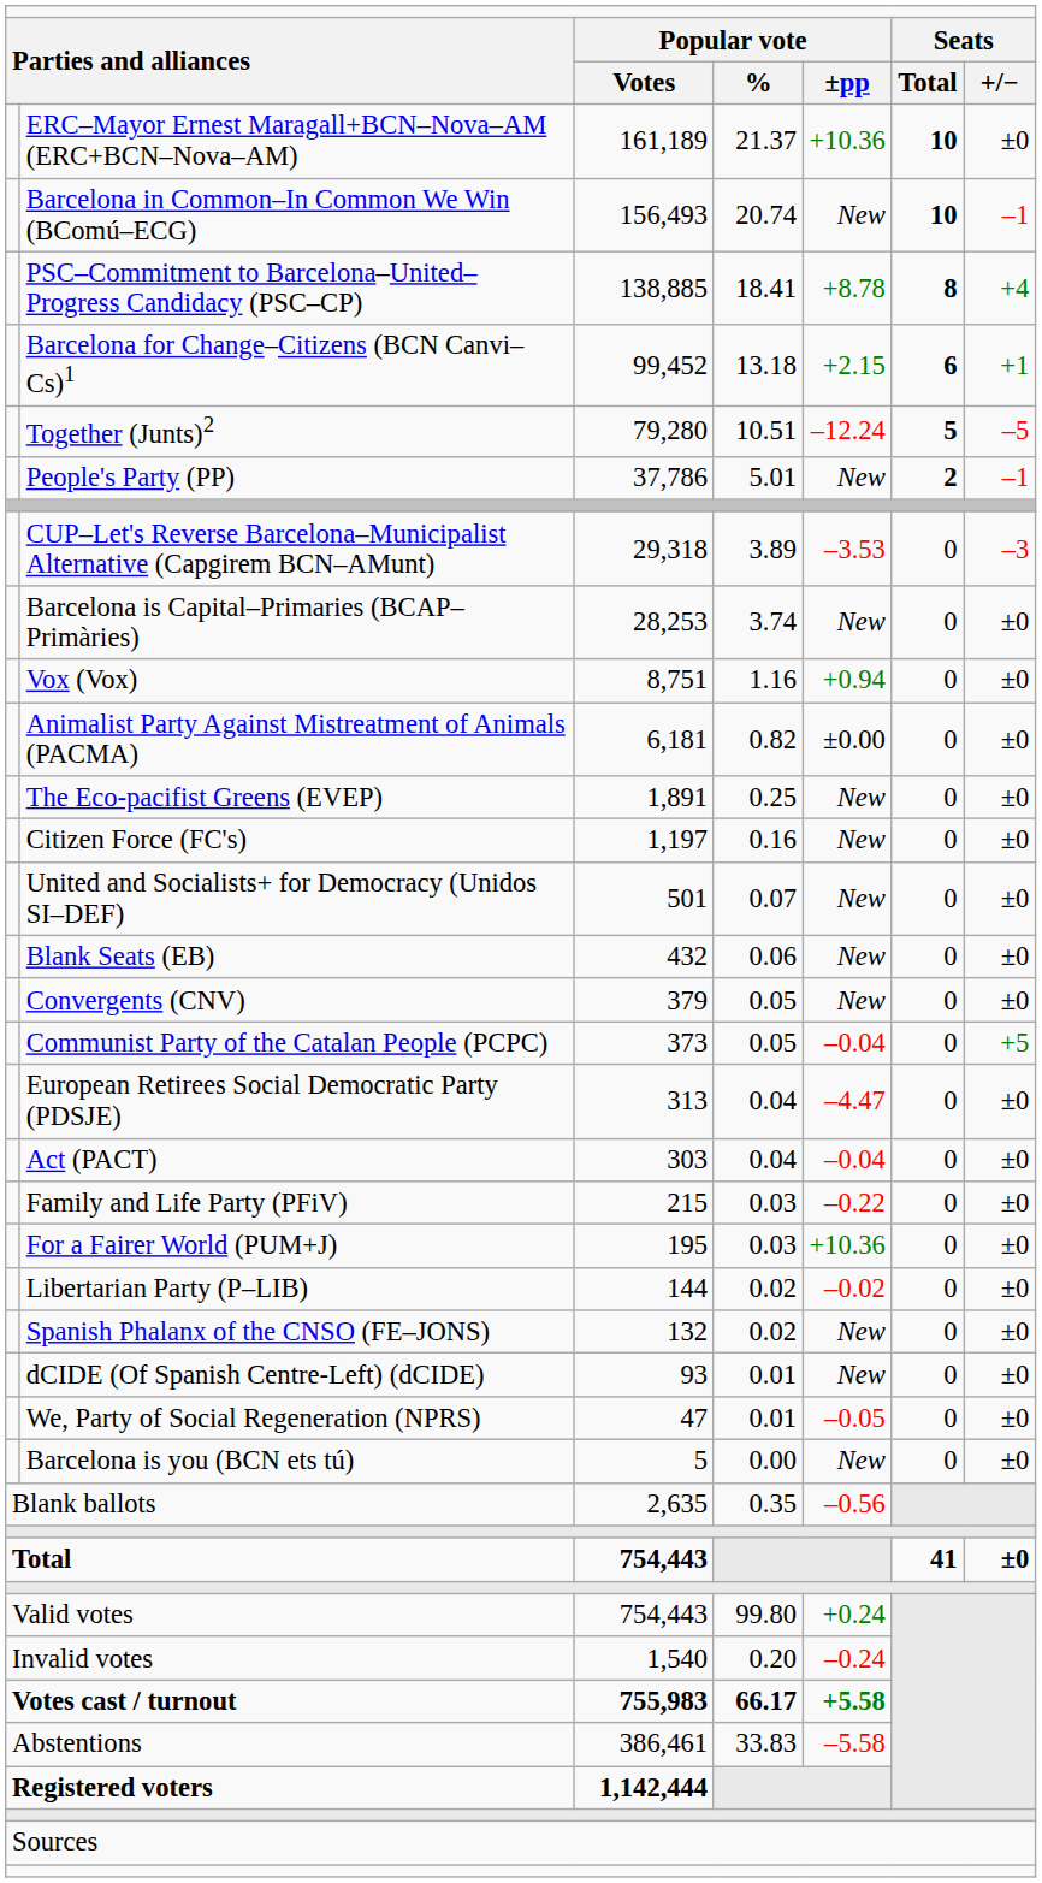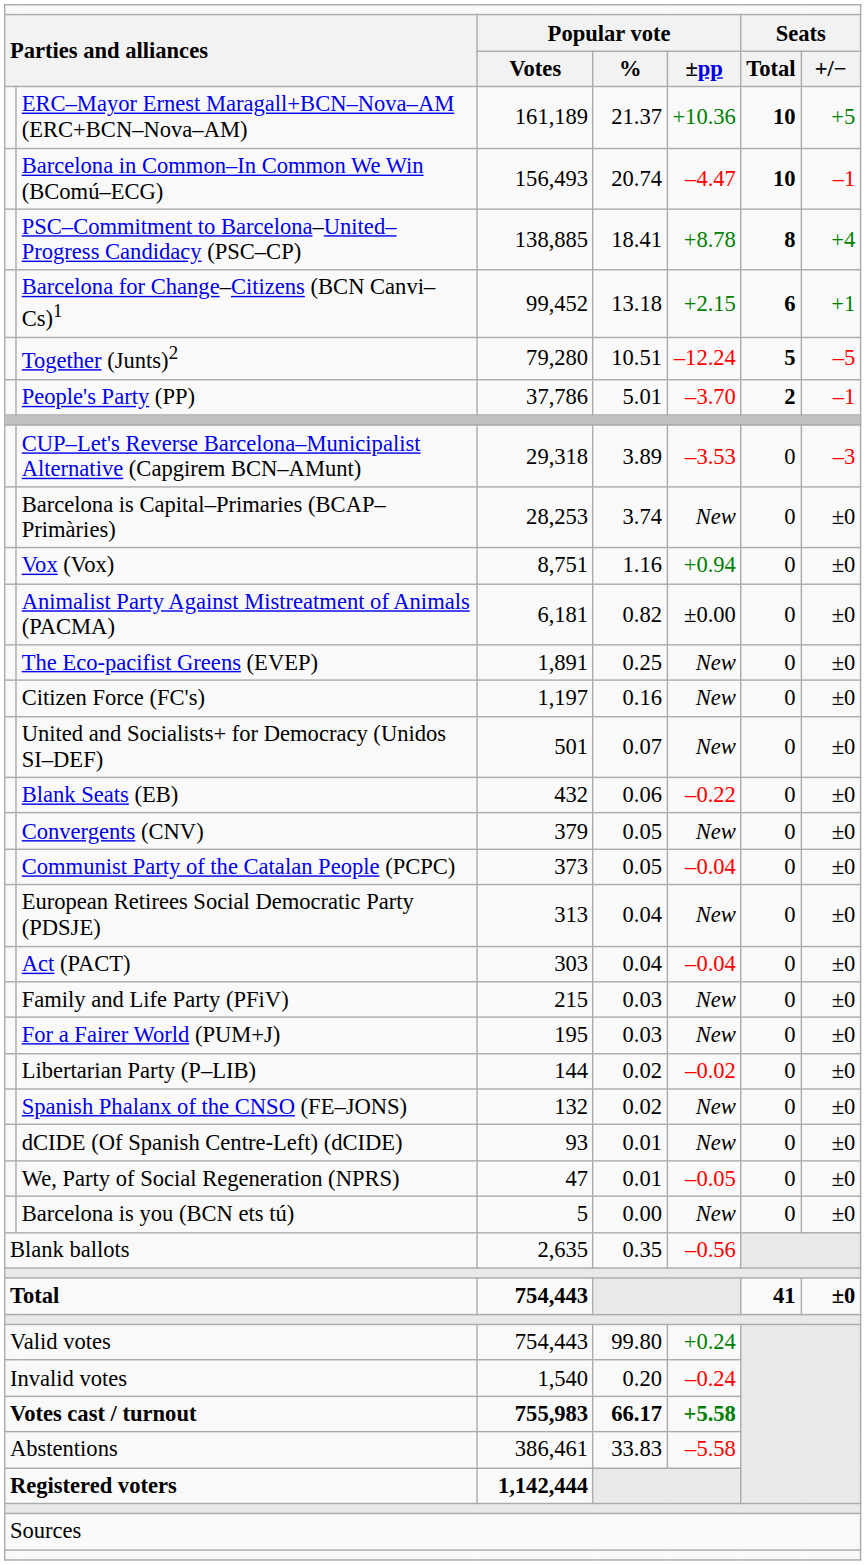 <table class="wikitable" style="text-align:right;">
 <tr>
 <td colspan="7"></td>
 </tr>
 <tr>
 <th style="text-align:left;" rowspan="2" colspan="2" width="525">Parties and alliances</th>
 <th colspan="3">Popular vote</th>
 <th colspan="2">Seats</th>
 </tr>
 <tr>
 <th width="75">Votes</th>
 <th width="45">%</th>
 <th width="45">±<a href='#'>pp</a></th>
 <th width="35">Total</th>
 <th width="35">+/−</th>
 </tr>
 <tr>
 <td width="1" style="color:inherit;background:"></td>
 <td align="left"><a href='#'>ERC–Mayor Ernest Maragall+BCN–Nova–AM</a> (ERC+BCN–Nova–AM)</td>
 <td>161,189</td>
 <td>21.37</td>
 <td style="color:green;">+10.36</td>
 <td><strong>10</strong></td>
-<td>±0</td>
+<td style="color:green;">+5</td>
 </tr>
 <tr>
 <td style="color:inherit;background:"></td>
 <td align="left"><a href='#'>Barcelona in Common–In Common We Win</a> (BComú–ECG)</td>
 <td>156,493</td>
 <td>20.74</td>
-<td><em>New</em></td>
+<td style="color:red;">–4.47</td>
 <td><strong>10</strong></td>
 <td style="color:red;">–1</td>
 </tr>
 <tr>
 <td style="color:inherit;background:"></td>
 <td align="left"><a href='#'>PSC–Commitment to Barcelona</a>–<a href='#'>United–Progress Candidacy</a> (PSC–CP)</td>
 <td>138,885</td>
 <td>18.41</td>
 <td style="color:green;">+8.78</td>
 <td><strong>8</strong></td>
 <td style="color:green;">+4</td>
 </tr>
 <tr>
 <td style="color:inherit;background:"></td>
 <td align="left"><a href='#'>Barcelona for Change</a>–<a href='#'>Citizens</a> (BCN Canvi–Cs)<sup>1</sup></td>
 <td>99,452</td>
 <td>13.18</td>
 <td style="color:green;">+2.15</td>
 <td><strong>6</strong></td>
 <td style="color:green;">+1</td>
 </tr>
 <tr>
 <td style="color:inherit;background:"></td>
 <td align="left"><a href='#'>Together</a> (Junts)<sup>2</sup></td>
 <td>79,280</td>
 <td>10.51</td>
 <td style="color:red;">–12.24</td>
 <td><strong>5</strong></td>
 <td style="color:red;">–5</td>
 </tr>
 <tr>
 <td style="color:inherit;background:"></td>
 <td align="left"><a href='#'>People's Party</a> (PP)</td>
 <td>37,786</td>
 <td>5.01</td>
-<td><em>New</em></td>
+<td style="color:red;">–3.70</td>
 <td><strong>2</strong></td>
 <td style="color:red;">–1</td>
 </tr>
 <tr>
 <td colspan="7" bgcolor="#C0C0C0"></td>
 </tr>
 <tr>
 <td style="color:inherit;background:"></td>
 <td align="left"><a href='#'>CUP–Let's Reverse Barcelona–Municipalist Alternative</a> (Capgirem BCN–AMunt)</td>
 <td>29,318</td>
 <td>3.89</td>
 <td style="color:red;">–3.53</td>
 <td>0</td>
 <td style="color:red;">–3</td>
 </tr>
 <tr>
 <td style="color:inherit;background:"></td>
 <td align="left">Barcelona is Capital–Primaries (BCAP–Primàries)</td>
 <td>28,253</td>
 <td>3.74</td>
 <td><em>New</em></td>
 <td>0</td>
 <td>±0</td>
 </tr>
 <tr>
 <td style="color:inherit;background:"></td>
 <td align="left"><a href='#'>Vox</a> (Vox)</td>
 <td>8,751</td>
 <td>1.16</td>
 <td style="color:green;">+0.94</td>
 <td>0</td>
 <td>±0</td>
 </tr>
 <tr>
 <td style="color:inherit;background:"></td>
 <td align="left"><a href='#'>Animalist Party Against Mistreatment of Animals</a> (PACMA)</td>
 <td>6,181</td>
 <td>0.82</td>
 <td>±0.00</td>
 <td>0</td>
 <td>±0</td>
 </tr>
 <tr>
 <td style="color:inherit;background:"></td>
 <td align="left"><a href='#'>The Eco-pacifist Greens</a> (EVEP)</td>
 <td>1,891</td>
 <td>0.25</td>
 <td><em>New</em></td>
 <td>0</td>
 <td>±0</td>
 </tr>
 <tr>
 <td style="color:inherit;background:"></td>
 <td align="left">Citizen Force (FC's)</td>
 <td>1,197</td>
 <td>0.16</td>
 <td><em>New</em></td>
 <td>0</td>
 <td>±0</td>
 </tr>
 <tr>
 <td style="color:inherit;background:"></td>
 <td align="left">United and Socialists+ for Democracy (Unidos SI–DEF)</td>
 <td>501</td>
 <td>0.07</td>
 <td><em>New</em></td>
 <td>0</td>
 <td>±0</td>
 </tr>
 <tr>
 <td style="color:inherit;background:"></td>
 <td align="left"><a href='#'>Blank Seats</a> (EB)</td>
 <td>432</td>
 <td>0.06</td>
-<td><em>New</em></td>
+<td style="color:red;">–0.22</td>
 <td>0</td>
 <td>±0</td>
 </tr>
 <tr>
 <td style="color:inherit;background:"></td>
 <td align="left"><a href='#'>Convergents</a> (CNV)</td>
 <td>379</td>
 <td>0.05</td>
 <td><em>New</em></td>
 <td>0</td>
 <td>±0</td>
 </tr>
 <tr>
 <td style="color:inherit;background:"></td>
 <td align="left"><a href='#'>Communist Party of the Catalan People</a> (PCPC)</td>
 <td>373</td>
 <td>0.05</td>
 <td style="color:red;">–0.04</td>
 <td>0</td>
-<td style="color:green;">+5</td>
+<td>±0</td>
 </tr>
 <tr>
 <td style="color:inherit;background:"></td>
 <td align="left">European Retirees Social Democratic Party (PDSJE)</td>
 <td>313</td>
 <td>0.04</td>
-<td style="color:red;">–4.47</td>
+<td><em>New</em></td>
 <td>0</td>
 <td>±0</td>
 </tr>
 <tr>
 <td style="color:inherit;background:"></td>
 <td align="left"><a href='#'>Act</a> (PACT)</td>
 <td>303</td>
 <td>0.04</td>
 <td style="color:red;">–0.04</td>
 <td>0</td>
 <td>±0</td>
 </tr>
 <tr>
 <td style="color:inherit;background:"></td>
 <td align="left">Family and Life Party (PFiV)</td>
 <td>215</td>
 <td>0.03</td>
-<td style="color:red;">–0.22</td>
+<td><em>New</em></td>
 <td>0</td>
 <td>±0</td>
 </tr>
 <tr>
 <td style="color:inherit;background:"></td>
 <td align="left"><a href='#'>For a Fairer World</a> (PUM+J)</td>
 <td>195</td>
 <td>0.03</td>
-<td style="color:green;">+10.36</td>
+<td><em>New</em></td>
 <td>0</td>
 <td>±0</td>
 </tr>
 <tr>
 <td style="color:inherit;background:"></td>
 <td align="left">Libertarian Party (P–LIB)</td>
 <td>144</td>
 <td>0.02</td>
 <td style="color:red;">–0.02</td>
 <td>0</td>
 <td>±0</td>
 </tr>
 <tr>
 <td style="color:inherit;background:"></td>
 <td align="left"><a href='#'>Spanish Phalanx of the CNSO</a> (FE–JONS)</td>
 <td>132</td>
 <td>0.02</td>
 <td><em>New</em></td>
 <td>0</td>
 <td>±0</td>
 </tr>
 <tr>
 <td style="color:inherit;background:"></td>
 <td align="left">dCIDE (Of Spanish Centre-Left) (dCIDE)</td>
 <td>93</td>
 <td>0.01</td>
 <td><em>New</em></td>
 <td>0</td>
 <td>±0</td>
 </tr>
 <tr>
 <td style="color:inherit;background:"></td>
 <td align="left">We, Party of Social Regeneration (NPRS)</td>
 <td>47</td>
 <td>0.01</td>
 <td style="color:red;">–0.05</td>
 <td>0</td>
 <td>±0</td>
 </tr>
 <tr>
 <td style="color:inherit;background:"></td>
 <td align="left">Barcelona is you (BCN ets tú)</td>
 <td>5</td>
 <td>0.00</td>
 <td><em>New</em></td>
 <td>0</td>
 <td>±0</td>
 </tr>
 <tr>
 <td align="left" colspan="2">Blank ballots</td>
 <td>2,635</td>
 <td>0.35</td>
 <td style="color:red;">–0.56</td>
 <td bgcolor="#E9E9E9" colspan="2"></td>
 </tr>
 <tr>
 <td colspan="7" bgcolor="#E9E9E9"></td>
 </tr>
 <tr style="font-weight:bold;">
 <td align="left" colspan="2">Total</td>
 <td>754,443</td>
 <td bgcolor="#E9E9E9" colspan="2"></td>
 <td>41</td>
 <td>±0</td>
 </tr>
 <tr>
 <td colspan="7" bgcolor="#E9E9E9"></td>
 </tr>
 <tr>
 <td align="left" colspan="2">Valid votes</td>
 <td>754,443</td>
 <td>99.80</td>
 <td style="color:green;">+0.24</td>
 <td bgcolor="#E9E9E9" colspan="2" rowspan="5"></td>
 </tr>
 <tr>
 <td align="left" colspan="2">Invalid votes</td>
 <td>1,540</td>
 <td>0.20</td>
 <td style="color:red;">–0.24</td>
 </tr>
 <tr style="font-weight:bold;">
 <td align="left" colspan="2">Votes cast / turnout</td>
 <td>755,983</td>
 <td>66.17</td>
 <td style="color:green;">+5.58</td>
 </tr>
 <tr>
 <td align="left" colspan="2">Abstentions</td>
 <td>386,461</td>
 <td>33.83</td>
 <td style="color:red;">–5.58</td>
 </tr>
 <tr style="font-weight:bold;">
 <td align="left" colspan="2">Registered voters</td>
 <td>1,142,444</td>
 <td bgcolor="#E9E9E9" colspan="2"></td>
 </tr>
 <tr>
 <td colspan="7" bgcolor="#E9E9E9"></td>
 </tr>
 <tr>
 <td align="left" colspan="7">Sources</td>
 </tr>
 <tr>
 <td colspan="7" style="text-align:left; max-width:790px;"></td>
 </tr>
 </table>
